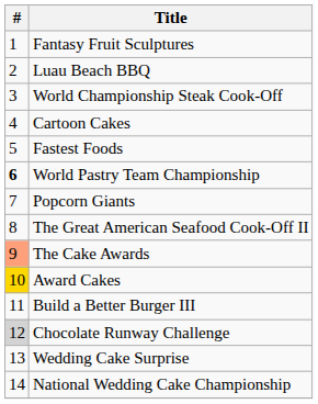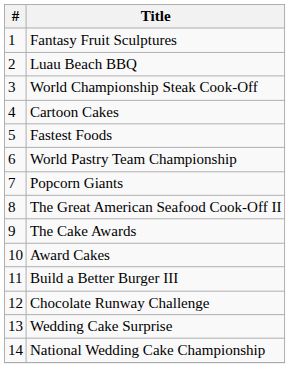 <table class="wikitable">
 <tr>
 <th>#</th>
 <th>Title</th>
 </tr>
 <tr>
 <td>1</td>
 <td>Fantasy Fruit Sculptures</td>
 </tr>
 <tr>
 <td>2</td>
 <td>Luau Beach BBQ</td>
 </tr>
 <tr>
 <td>3</td>
 <td>World Championship Steak Cook-Off</td>
 </tr>
 <tr>
 <td>4</td>
 <td>Cartoon Cakes</td>
 </tr>
 <tr>
 <td>5</td>
 <td>Fastest Foods</td>
 </tr>
 <tr>
-<td><strong>6</strong></td>
+<td>6</td>
 <td>World Pastry Team Championship</td>
 </tr>
 <tr>
 <td>7</td>
 <td>Popcorn Giants</td>
 </tr>
 <tr>
 <td>8</td>
 <td>The Great American Seafood Cook-Off II</td>
 </tr>
 <tr>
-<td style="background: lightsalmon;">9</td>
+<td>9</td>
 <td>The Cake Awards</td>
 </tr>
 <tr>
-<td style="background: gold;">10</td>
+<td>10</td>
 <td>Award Cakes</td>
 </tr>
 <tr>
 <td>11</td>
 <td>Build a Better Burger III</td>
 </tr>
 <tr>
-<td style="background: lightgrey;">12</td>
+<td>12</td>
 <td>Chocolate Runway Challenge</td>
 </tr>
 <tr>
 <td>13</td>
 <td>Wedding Cake Surprise</td>
 </tr>
 <tr>
 <td>14</td>
 <td>National Wedding Cake Championship</td>
 </tr>
 <tr>
 </tr>
 </table>
